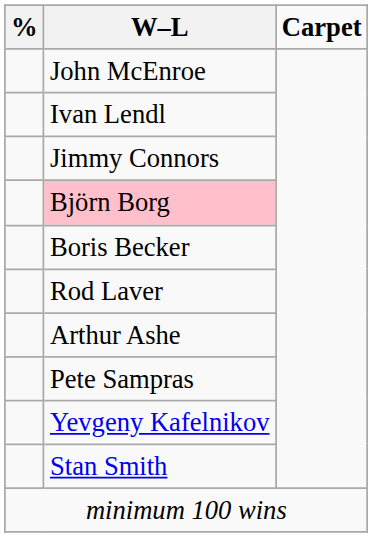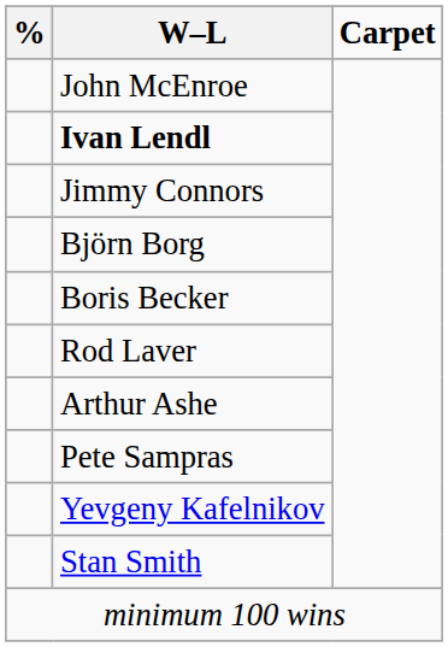 <table class="wikitable" style="display:inline-table; font-size: 95%;">
 <tr>
 <th>%</th>
 <th>W–L</th>
 <th style="background: transparent;">Carpet</th>
 </tr>
 <tr>
 <td></td>
 <td> John McEnroe</td>
 </tr>
 <tr>
 <td></td>
-<td> Ivan Lendl</td>
+<td><strong> Ivan Lendl</strong></td>
 </tr>
 <tr>
 <td></td>
 <td> Jimmy Connors</td>
 </tr>
 <tr>
 <td></td>
-<td style="background: pink;"> Björn Borg</td>
+<td> Björn Borg</td>
 </tr>
 <tr>
 <td></td>
 <td> Boris Becker</td>
 </tr>
 <tr>
 <td></td>
 <td> Rod Laver</td>
 </tr>
 <tr>
 <td></td>
 <td> Arthur Ashe</td>
 </tr>
 <tr>
 <td></td>
 <td> Pete Sampras</td>
 </tr>
 <tr>
 <td></td>
 <td> <a href='#'>Yevgeny Kafelnikov</a></td>
 </tr>
 <tr>
 <td></td>
 <td> <a href='#'>Stan Smith</a></td>
 </tr>
 <tr>
 <td colspan="3" style="text-align: center;"><em>minimum 100 wins</em></td>
 </tr>
 </table>
